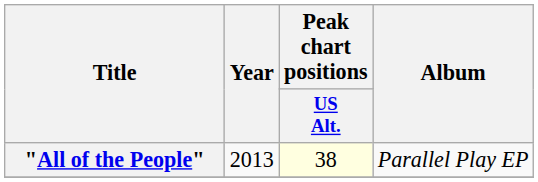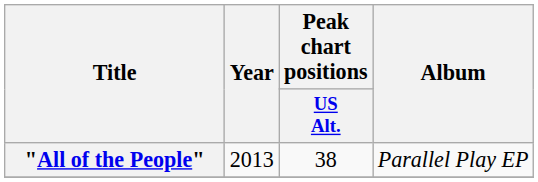 <table class="wikitable plainrowheaders" style="text-align:center;" border="1">
 <tr>
 <th scope="col" rowspan="2" style="width:9.5em">Title</th>
 <th scope="col" rowspan="2">Year</th>
 <th scope="col" colspan="1">Peak chart positions</th>
 <th scope="col" rowspan="2">Album</th>
 </tr>
 <tr>
 <th scope="col" style="width:3em;font-size:85%;"><a href='#'>US<br>Alt.</a><br></th>
 </tr>
 <tr>
 <th scope="row">"<a href='#'>All of the People</a>"</th>
 <td>2013</td>
-<td style="background: lightyellow;">38</td>
+<td>38</td>
 <td><em>Parallel Play EP</em></td>
 </tr>
 <tr>
 </tr>
 </table>
